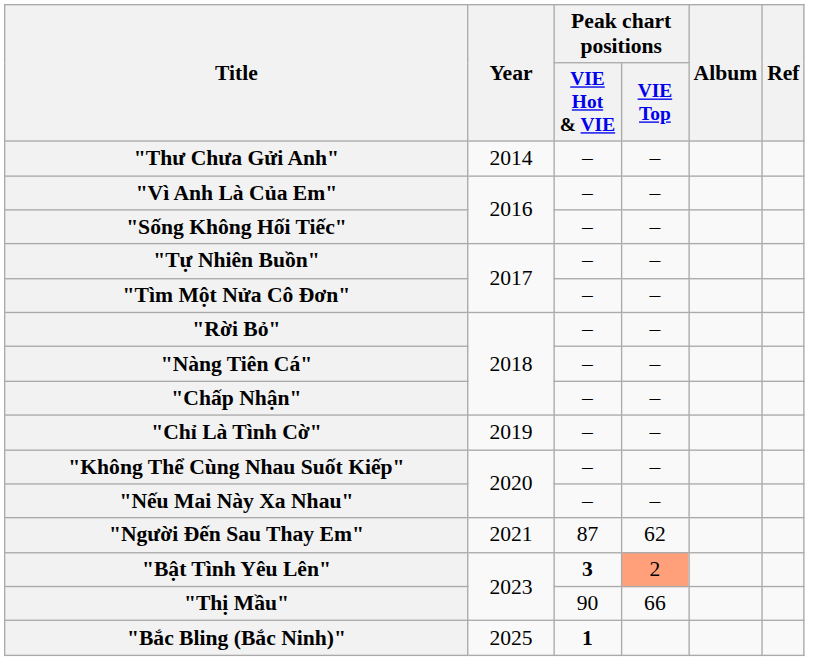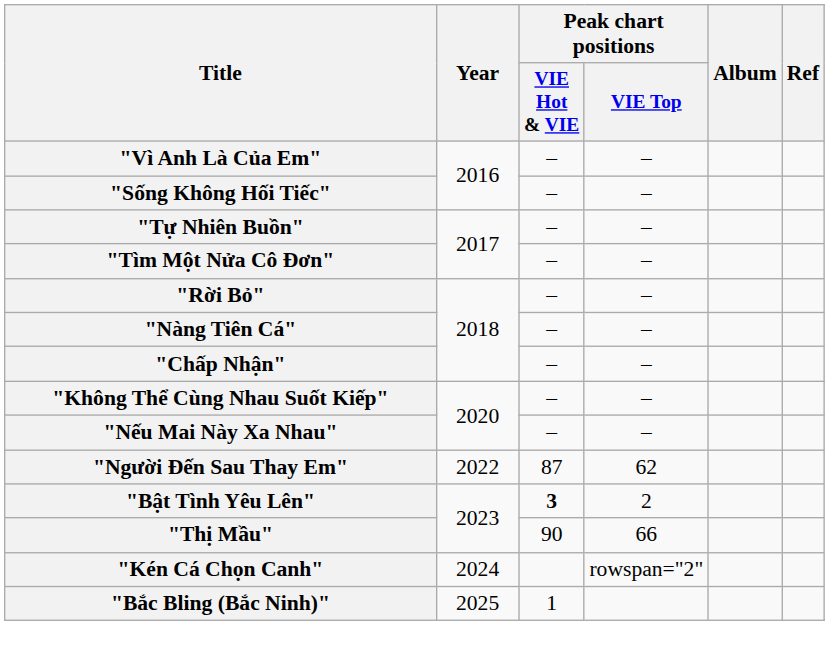 <table class="wikitable plainrowheaders" border="1" style="text-align:center;">
 <tr>
 <th scope="col" style="width:21em;" rowspan="2">Title</th>
 <th scope="col" style="width:3.5em;" rowspan="2">Year</th>
 <th colspan="2">Peak chart positions</th>
 <th rowspan="2">Album</th>
 <th scope="col" class="unsortable" rowspan="2">Ref</th>
 </tr>
 <tr>
 <th style="width:3em;font-size:90%;"><a href='#'>VIE Hot</a><br>& <a href='#'>VIE</a><br></th>
 <th style="width:3em;font-size:90%;"><a href='#'>VIE Top</a><br></th>
-</tr>
-<tr>
-<th scope="row">"Thư Chưa Gửi Anh"</th>
-<td>2014</td>
-<td>–</td>
-<td>–</td>
-<td></td>
-<td></td>
 </tr>
 <tr>
 <th scope="row">"Vì Anh Là Của Em"</th>
 <td rowspan="2">2016</td>
 <td>–</td>
 <td>–</td>
 <td></td>
 <td></td>
 </tr>
 <tr>
 <th scope="row">"Sống Không Hối Tiếc"</th>
 <td>–</td>
 <td>–</td>
 <td></td>
 <td></td>
 </tr>
 <tr>
 <th scope="row">"Tự Nhiên Buồn"</th>
 <td rowspan="2">2017</td>
 <td>–</td>
 <td>–</td>
 <td></td>
 <td></td>
 </tr>
 <tr>
 <th scope="row">"Tìm Một Nửa Cô Đơn"</th>
 <td>–</td>
 <td>–</td>
 <td></td>
 <td></td>
 </tr>
 <tr>
 <th scope="row">"Rời Bỏ"</th>
 <td rowspan="3">2018</td>
 <td>–</td>
 <td>–</td>
 <td></td>
 <td></td>
 </tr>
 <tr>
 <th scope="row">"Nàng Tiên Cá"</th>
 <td>–</td>
 <td>–</td>
 <td></td>
 <td></td>
 </tr>
 <tr>
 <th scope="row">"Chấp Nhận"</th>
 <td>–</td>
 <td>–</td>
 <td></td>
 <td></td>
 </tr>
 <tr>
-<th scope="row">"Chỉ Là Tình Cờ"</th>
-<td>2019</td>
-<td>–</td>
-<td>–</td>
-<td></td>
-<td></td>
-</tr>
-<tr>
 <th scope="row">"Không Thể Cùng Nhau Suốt Kiếp" </th>
 <td rowspan="2">2020</td>
 <td>–</td>
 <td>–</td>
 <td></td>
 <td><br></td>
 </tr>
 <tr>
 <th scope="row">"Nếu Mai Này Xa Nhau"</th>
 <td>–</td>
 <td>–</td>
 <td></td>
 <td></td>
 </tr>
 <tr>
 <th scope="row">"Người Đến Sau Thay Em"</th>
-<td>2021</td>
+<td>2022</td>
 <td>87</td>
 <td>62</td>
 <td></td>
 <td></td>
 </tr>
 <tr>
 <th scope="row">"Bật Tình Yêu Lên" </th>
 <td rowspan="2">2023</td>
 <td><strong>3</strong></td>
-<td style="background: lightsalmon;">2</td>
+<td>2</td>
 <td></td>
 <td></td>
 </tr>
 <tr>
 <th scope="row">"Thị Mầu"</th>
 <td>90</td>
 <td>66</td>
 <td></td>
 <td></td>
 </tr>
 <tr>
+<th scope="row">"Kén Cá Chọn Canh"</th>
+<td>2024</td>
+<td></td>
+<td>rowspan="2" </td>
+<td></td>
+<td></td>
+</tr>
+<tr>
 <th scope="row">"Bắc Bling (Bắc Ninh)" </th>
 <td>2025</td>
-<td><strong>1</strong></td>
+<td>1</td>
 <td></td>
 <td></td>
 </tr>
 </table>
